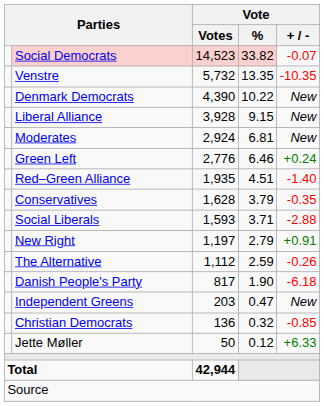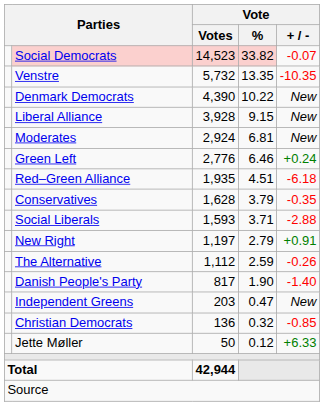 <table class="wikitable" style="text-align:right;">
 <tr>
 <th style="text-align:centre;" rowspan="2" colspan="2" width="225">Parties</th>
 <th colspan="3">Vote</th>
 </tr>
 <tr>
 <th width="15">Votes</th>
 <th width="15">%</th>
 <th width="15">+ / -</th>
 </tr>
 <tr>
 <td width="2" style="color:inherit;background:"></td>
 <td bgcolor=#fbd0ce  align="left"><a href='#'>Social Democrats</a></td>
 <td bgcolor=#fbd0ce>14,523</td>
 <td bgcolor=#fbd0ce>33.82</td>
 <td style=color:red;>-0.07</td>
 </tr>
 <tr>
 <td width="2" style="color:inherit;background:"></td>
 <td align="left"><a href='#'>Venstre</a></td>
 <td>5,732</td>
 <td>13.35</td>
 <td style=color:red;>-10.35</td>
 </tr>
 <tr>
 <td width="2" style="color:inherit;background:"></td>
 <td align="left"><a href='#'>Denmark Democrats</a></td>
 <td>4,390</td>
 <td>10.22</td>
 <td><em>New</em></td>
 </tr>
 <tr>
 <td width="2" style="color:inherit;background:"></td>
 <td align="left"><a href='#'>Liberal Alliance</a></td>
 <td>3,928</td>
 <td>9.15</td>
 <td><em>New</em></td>
 </tr>
 <tr>
 <td width="2" style="color:inherit;background:"></td>
 <td align="left"><a href='#'>Moderates</a></td>
 <td>2,924</td>
 <td>6.81</td>
 <td><em>New</em></td>
 </tr>
 <tr>
 <td width="2" style="color:inherit;background:"></td>
 <td align="left"><a href='#'>Green Left</a></td>
 <td>2,776</td>
 <td>6.46</td>
 <td style=color:green;>+0.24</td>
 </tr>
 <tr>
 <td width="2" style="color:inherit;background:"></td>
 <td align="left"><a href='#'>Red–Green Alliance</a></td>
 <td>1,935</td>
 <td>4.51</td>
-<td style=color:red;>-1.40</td>
+<td style=color:red;>-6.18</td>
 </tr>
 <tr>
 <td width="2" style="color:inherit;background:"></td>
 <td align="left"><a href='#'>Conservatives</a></td>
 <td>1,628</td>
 <td>3.79</td>
 <td style=color:red;>-0.35</td>
 </tr>
 <tr>
 <td width="2" style="color:inherit;background:"></td>
 <td align="left"><a href='#'>Social Liberals</a></td>
 <td>1,593</td>
 <td>3.71</td>
 <td style=color:red;>-2.88</td>
 </tr>
 <tr>
 <td width="2" style="color:inherit;background:"></td>
 <td align="left"><a href='#'>New Right</a></td>
 <td>1,197</td>
 <td>2.79</td>
 <td style=color:green;>+0.91</td>
 </tr>
 <tr>
 <td width="2" style="color:inherit;background:"></td>
 <td align="left"><a href='#'>The Alternative</a></td>
 <td>1,112</td>
 <td>2.59</td>
 <td style=color:red;>-0.26</td>
 </tr>
 <tr>
 <td width="2" style="color:inherit;background:"></td>
 <td align="left"><a href='#'>Danish People's Party</a></td>
 <td>817</td>
 <td>1.90</td>
-<td style=color:red;>-6.18</td>
+<td style=color:red;>-1.40</td>
 </tr>
 <tr>
 <td width="2" style="color:inherit;background:"></td>
 <td align="left"><a href='#'>Independent Greens</a></td>
 <td>203</td>
 <td>0.47</td>
 <td><em>New</em></td>
 </tr>
 <tr>
 <td width="2" style="color:inherit;background:"></td>
 <td align="left"><a href='#'>Christian Democrats</a></td>
 <td>136</td>
 <td>0.32</td>
 <td style=color:red;>-0.85</td>
 </tr>
 <tr>
 <td width="2" style="color:inherit;background:"></td>
 <td align="left">Jette Møller</td>
 <td>50</td>
 <td>0.12</td>
 <td style=color:green;>+6.33</td>
 </tr>
 <tr>
 <td colspan="7" bgcolor="#E9E9E9"></td>
 </tr>
 <tr>
 <td align="left" colspan="2"><strong>Total</strong></td>
 <td><strong>42,944</strong></td>
 <td bgcolor="#E9E9E9" colspan="2"></td>
 </tr>
 <tr>
 <td align="left" colspan="6">Source</td>
 </tr>
 </table>
